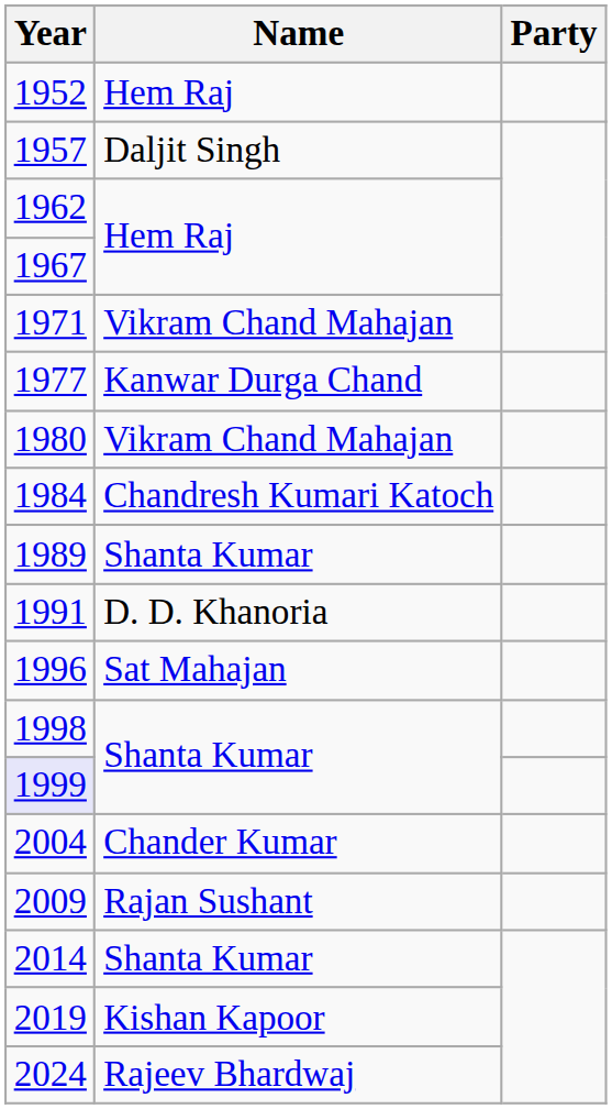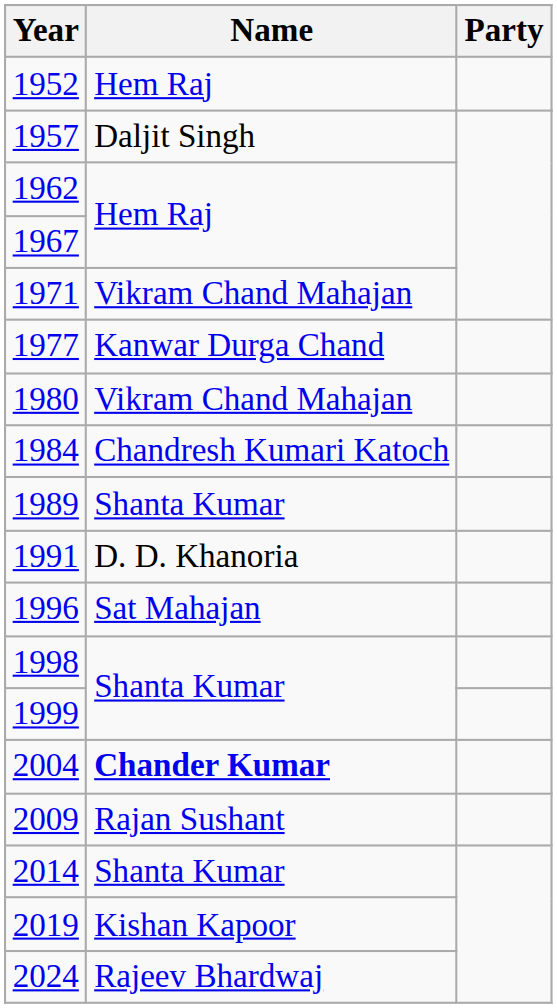 <table class="wikitable sortable">
 <tr>
 <th>Year</th>
 <th>Name</th>
 <th colspan="2">Party</th>
 </tr>
 <tr>
 <td><a href='#'>1952</a></td>
 <td rowspan="2"><a href='#'>Hem Raj</a></td>
 <td></td>
 </tr>
 <tr>
 <td rowspan="2"><a href='#'>1957</a></td>
 </tr>
 <tr>
 <td>Daljit Singh</td>
 </tr>
 <tr>
 <td><a href='#'>1962</a></td>
 <td rowspan="2"><a href='#'>Hem Raj</a></td>
 </tr>
 <tr>
 <td><a href='#'>1967</a></td>
 </tr>
 <tr>
 <td><a href='#'>1971</a></td>
 <td><a href='#'>Vikram Chand Mahajan</a></td>
 </tr>
 <tr>
 <td><a href='#'>1977</a></td>
 <td><a href='#'>Kanwar Durga Chand</a></td>
 <td></td>
 </tr>
 <tr>
 <td><a href='#'>1980</a></td>
 <td><a href='#'>Vikram Chand Mahajan</a></td>
 <td></td>
 </tr>
 <tr>
 <td><a href='#'>1984</a></td>
 <td><a href='#'>Chandresh Kumari Katoch</a></td>
 </tr>
 <tr>
 <td><a href='#'>1989</a></td>
 <td><a href='#'>Shanta Kumar</a></td>
 <td></td>
 </tr>
 <tr>
 <td><a href='#'>1991</a></td>
 <td>D. D. Khanoria</td>
 </tr>
 <tr>
 <td><a href='#'>1996</a></td>
 <td><a href='#'>Sat Mahajan</a></td>
 <td></td>
 </tr>
 <tr>
 <td><a href='#'>1998</a></td>
 <td rowspan="2"><a href='#'>Shanta Kumar</a></td>
 <td></td>
 </tr>
 <tr>
-<td style="background: lavender;"><a href='#'>1999</a></td>
+<td><a href='#'>1999</a></td>
 </tr>
 <tr>
 <td><a href='#'>2004</a></td>
-<td><a href='#'>Chander Kumar</a></td>
+<td><strong><a href='#'>Chander Kumar</a></strong></td>
 <td></td>
 </tr>
 <tr>
 <td><a href='#'>2009</a></td>
 <td><a href='#'>Rajan Sushant</a></td>
 <td></td>
 </tr>
 <tr>
 <td><a href='#'>2014</a></td>
 <td><a href='#'>Shanta Kumar</a></td>
 </tr>
 <tr>
 <td><a href='#'>2019</a></td>
 <td><a href='#'>Kishan Kapoor</a></td>
 </tr>
 <tr>
 <td><a href='#'>2024</a></td>
 <td><a href='#'>Rajeev Bhardwaj</a></td>
 </tr>
 </table>
